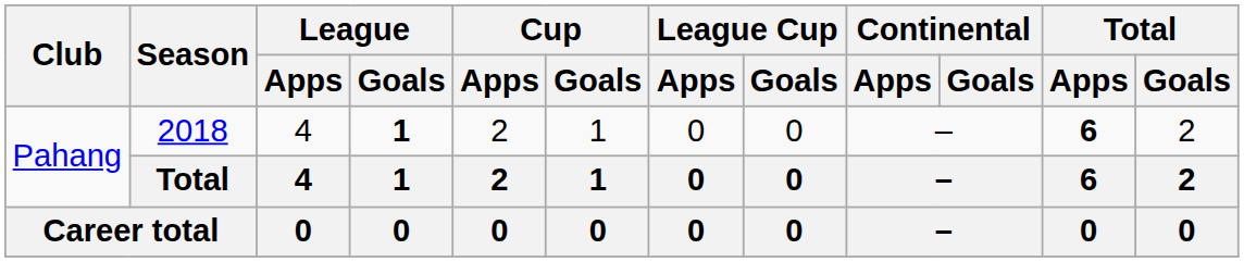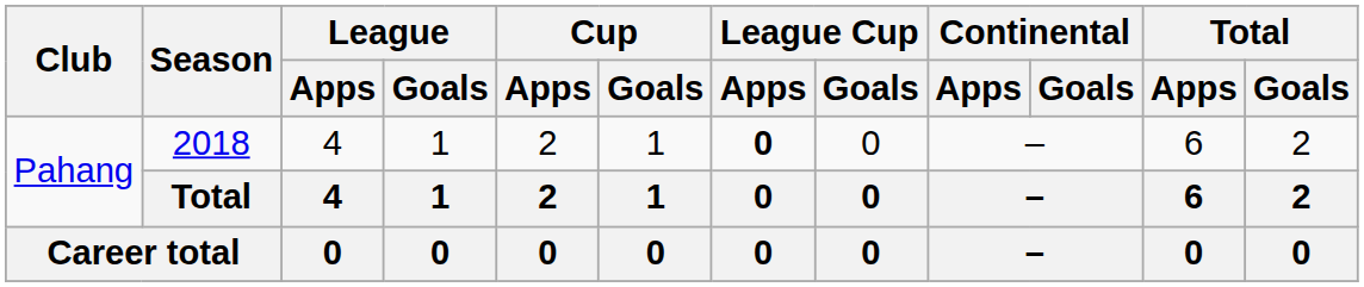 <table class="wikitable" style="text-align: center;">
 <tr>
 <th rowspan="2">Club</th>
 <th rowspan="2">Season</th>
 <th colspan="2">League</th>
 <th colspan="2">Cup</th>
 <th colspan="2">League Cup</th>
 <th colspan="2">Continental</th>
 <th colspan="2">Total</th>
 </tr>
 <tr>
 <th>Apps</th>
 <th>Goals</th>
 <th>Apps</th>
 <th>Goals</th>
 <th>Apps</th>
 <th>Goals</th>
 <th>Apps</th>
 <th>Goals</th>
 <th>Apps</th>
 <th>Goals</th>
 </tr>
 <tr>
 <td rowspan="2" valign="center"><a href='#'>Pahang</a></td>
 <td><a href='#'>2018</a></td>
 <td>4</td>
-<td><strong>1</strong></td>
+<td>1</td>
 <td>2</td>
 <td>1</td>
-<td>0</td>
+<td><strong>0</strong></td>
 <td>0</td>
 <td colspan="2">–</td>
-<td><strong>6</strong></td>
+<td>6</td>
 <td>2</td>
 </tr>
 <tr>
 <th>Total</th>
 <th>4</th>
 <th>1</th>
 <th>2</th>
 <th>1</th>
 <th>0</th>
 <th>0</th>
 <th colspan="2">–</th>
 <th>6</th>
 <th>2</th>
 </tr>
 <tr>
 <th colspan=2>Career total</th>
 <th>0</th>
 <th>0</th>
 <th>0</th>
 <th>0</th>
 <th>0</th>
 <th>0</th>
 <th colspan="2">–</th>
 <th>0</th>
 <th>0</th>
 </tr>
 </table>
